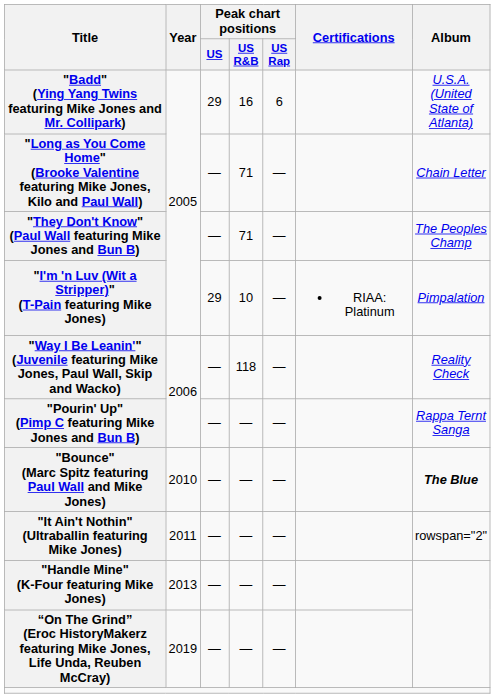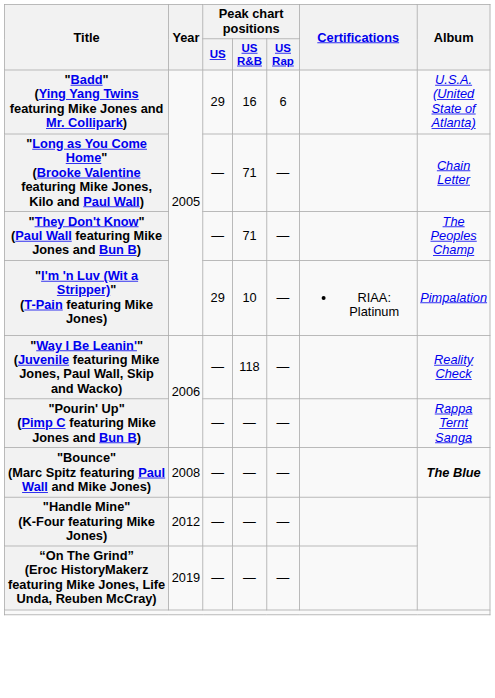 <table class="wikitable plainrowheaders" style="text-align:center;">
 <tr>
 <th scope="col" rowspan="2" style="width:20em;">Title</th>
 <th scope="col" rowspan="2">Year</th>
 <th scope="col" colspan="3">Peak chart positions</th>
 <th scope="col" rowspan="2" style="width:12em;"><a href='#'>Certifications</a></th>
 <th scope="col" rowspan="2">Album</th>
 </tr>
 <tr>
 <th style="width:3em;font-size:90%;"><a href='#'>US</a></th>
 <th style="width:3em;font-size:90%;"><a href='#'>US R&B</a></th>
 <th style="width:3em;font-size:90%;"><a href='#'>US Rap</a></th>
 </tr>
 <tr>
 <th scope="row">"<a href='#'>Badd</a>"<br><span>(<a href='#'>Ying Yang Twins</a> featuring Mike Jones and <a href='#'>Mr. Collipark</a>)</span></th>
 <td rowspan="4">2005</td>
 <td>29</td>
 <td>16</td>
 <td>6</td>
 <td></td>
 <td><em><a href='#'>U.S.A. (United State of Atlanta)</a></em></td>
 </tr>
 <tr>
 <th scope="row">"<a href='#'>Long as You Come Home</a>"<br><span>(<a href='#'>Brooke Valentine</a> featuring Mike Jones, Kilo and <a href='#'>Paul Wall</a>)</span></th>
 <td>—</td>
 <td>71</td>
 <td>—</td>
 <td></td>
 <td><em><a href='#'>Chain Letter</a></em></td>
 </tr>
 <tr>
 <th scope="row">"<a href='#'>They Don't Know</a>"<br><span>(<a href='#'>Paul Wall</a> featuring Mike Jones and <a href='#'>Bun B</a>)</span></th>
 <td>—</td>
 <td>71</td>
 <td>—</td>
 <td></td>
 <td><em><a href='#'>The Peoples Champ</a></em></td>
 </tr>
 <tr>
 <th scope="row">"<a href='#'>I'm 'n Luv (Wit a Stripper)</a>"<br><span>(<a href='#'>T-Pain</a> featuring Mike Jones)</span></th>
 <td>29</td>
 <td>10</td>
 <td>—</td>
 <td><br><ul><li>RIAA: Platinum</li></ul></td>
 <td><em><a href='#'>Pimpalation</a></em></td>
 </tr>
 <tr>
 <th scope="row">"<a href='#'>Way I Be Leanin'</a>"<br><span>(<a href='#'>Juvenile</a> featuring Mike Jones, Paul Wall, Skip and Wacko)</span></th>
 <td rowspan="2">2006</td>
 <td>—</td>
 <td>118</td>
 <td>—</td>
 <td></td>
 <td><em><a href='#'>Reality Check</a></em></td>
 </tr>
 <tr>
 <th scope="row">"Pourin' Up"<br><span>(<a href='#'>Pimp C</a> featuring Mike Jones and <a href='#'>Bun B</a>)</span></th>
 <td>—</td>
 <td>—</td>
 <td>—</td>
 <td></td>
 <td><em><a href='#'>Rappa Ternt Sanga</a></em></td>
 </tr>
 <tr>
 <th scope="row">"Bounce"<br><span>(Marc Spitz featuring <a href='#'>Paul Wall</a> and Mike Jones)</span></th>
-<td>2010</td>
+<td>2008</td>
 <td>—</td>
 <td>—</td>
 <td>—</td>
 <td></td>
 <td><strong><em>The Blue</em></strong></td>
 </tr>
 <tr>
-<th scope="row">"It Ain't Nothin"<br><span>(Ultraballin featuring Mike Jones)</span></th>
-<td>2011</td>
-<td>—</td>
-<td>—</td>
-<td>—</td>
-<td></td>
-<td>rowspan="2" </td>
-</tr>
-<tr>
 <th scope="row">"Handle Mine"<br><span>(K-Four featuring Mike Jones)</span></th>
-<td>2013</td>
+<td>2012</td>
 <td>—</td>
 <td>—</td>
 <td>—</td>
 <td></td>
 </tr>
 <tr>
 <th scope="row">“On The Grind”<br>(Eroc HistoryMakerz featuring Mike Jones, Life Unda, Reuben McCray)</th>
 <td>2019</td>
 <td>—</td>
 <td>—</td>
 <td>—</td>
 <td></td>
 </tr>
 <tr>
 <td colspan="7" style="font-size:90%"></td>
 </tr>
 </table>
